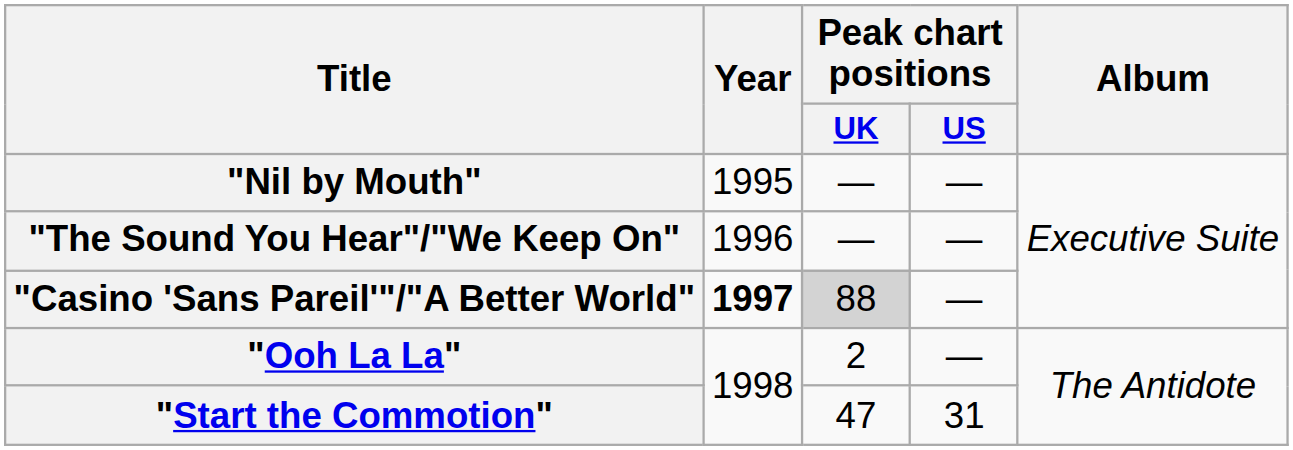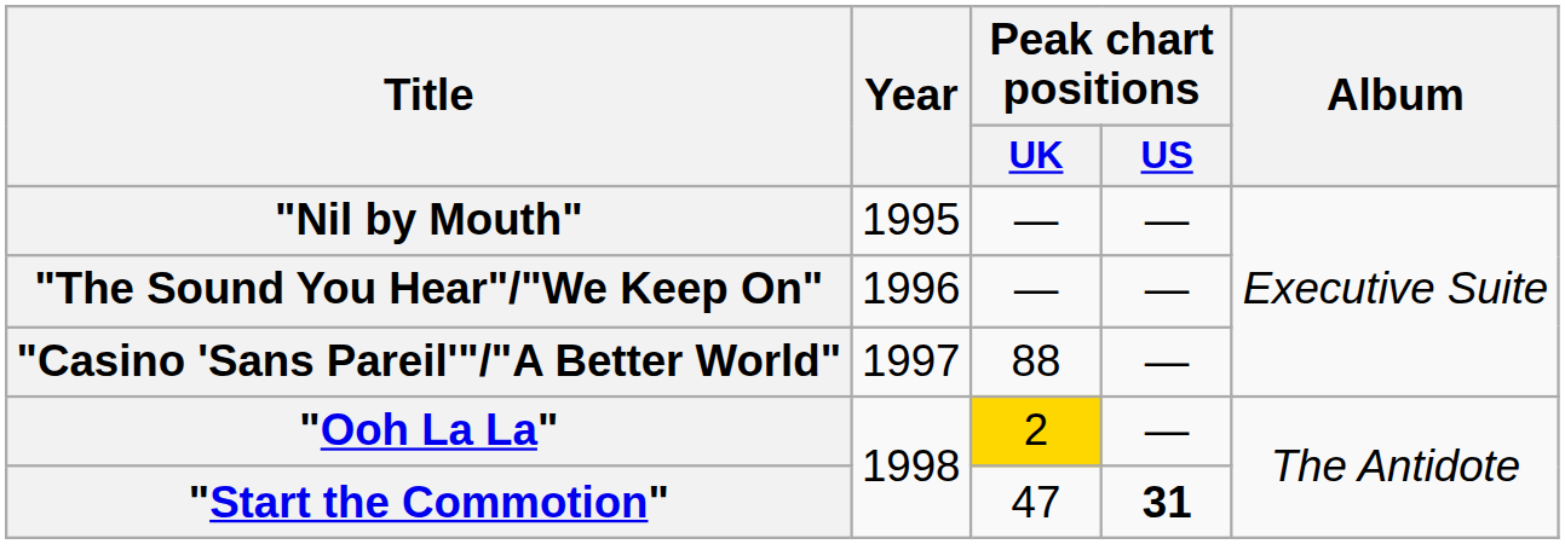 <table class="wikitable plainrowheaders" style="text-align:center">
 <tr>
 <th scope="col" rowspan="2">Title</th>
 <th scope="col" rowspan="2">Year</th>
 <th scope="col" colspan="2">Peak chart positions</th>
 <th scope="col" rowspan="2">Album</th>
 </tr>
 <tr>
 <th scope="col" style="width:3em; font-size:85%"><a href='#'>UK</a><br></th>
 <th scope="col" style="width:3em; font-size:85%"><a href='#'>US</a><br></th>
 </tr>
 <tr>
 <th scope="row">"Nil by Mouth"</th>
 <td>1995</td>
 <td>—</td>
 <td>—</td>
 <td rowspan="3"><em>Executive Suite</em></td>
 </tr>
 <tr>
 <th scope="row">"The Sound You Hear"/"We Keep On"</th>
 <td>1996</td>
 <td>—</td>
 <td>—</td>
 </tr>
 <tr>
 <th scope="row">"Casino 'Sans Pareil'"/"A Better World"</th>
-<td><strong>1997</strong></td>
-<td style="background: lightgrey;">88</td>
+<td>1997</td>
+<td>88</td>
 <td>—</td>
 </tr>
 <tr>
 <th scope="row">"<a href='#'>Ooh La La</a>"</th>
 <td rowspan="2">1998</td>
-<td>2</td>
+<td style="background: gold;">2</td>
 <td>—</td>
 <td rowspan="2"><em>The Antidote</em></td>
 </tr>
 <tr>
 <th scope="row">"<a href='#'>Start the Commotion</a>"</th>
 <td>47</td>
-<td>31</td>
+<td><strong>31</strong></td>
 </tr>
 </table>
